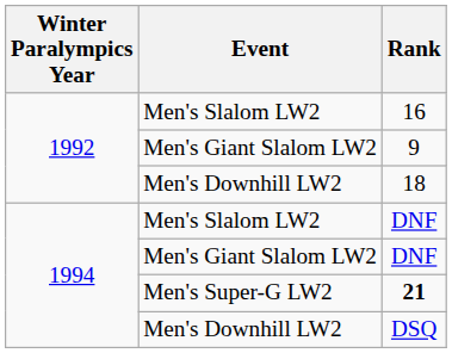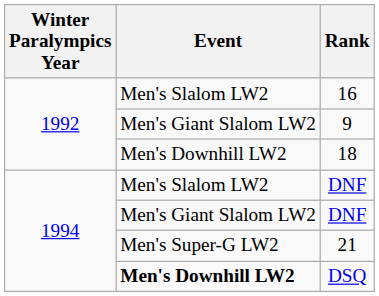 <table class="wikitable" style="text-align: center">
 <tr>
 <th>Winter<br>Paralympics<br>Year</th>
 <th>Event</th>
 <th>Rank</th>
 </tr>
 <tr>
 <td scope="row" rowspan=3><a href='#'>1992</a></td>
 <td align=left>Men's Slalom LW2</td>
 <td>16</td>
 </tr>
 <tr>
 <td align=left>Men's Giant Slalom LW2</td>
 <td>9</td>
 </tr>
 <tr>
 <td align=left>Men's Downhill LW2</td>
 <td>18</td>
 </tr>
 <tr>
 <td scope="row" rowspan=4><a href='#'>1994</a></td>
 <td align=left>Men's Slalom LW2</td>
 <td><a href='#'>DNF</a></td>
 </tr>
 <tr>
 <td align=left>Men's Giant Slalom LW2</td>
 <td><a href='#'>DNF</a></td>
 </tr>
 <tr>
 <td align=left>Men's Super-G LW2</td>
-<td><strong>21</strong></td>
+<td>21</td>
 </tr>
 <tr>
-<td align=left>Men's Downhill LW2</td>
+<td align=left><strong>Men's Downhill LW2</strong></td>
 <td><a href='#'>DSQ</a></td>
 </tr>
 </table>
